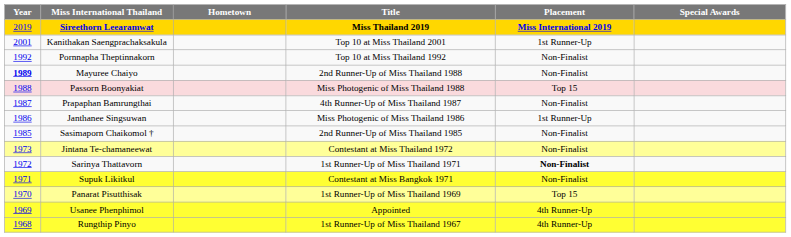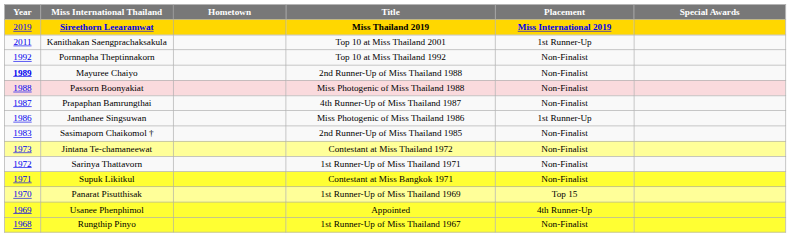 <table class="wikitable sortable" style="font-size: 90%; text-align:center">
 <tr>
 <th width="50" style="background-color:#787878;color:#FFFFFF;">Year</th>
 <th width="200" style="background-color:#787878;color:#FFFFFF;">Miss International Thailand</th>
 <th width="170" style="background-color:#787878;color:#FFFFFF;">Hometown</th>
 <th width="320" style="background-color:#787878;color:#FFFFFF;">Title</th>
 <th width="210" style="background-color:#787878;color:#FFFFFF;">Placement</th>
 <th width="230" style="background-color:#787878;color:#FFFFFF;">Special Awards</th>
 </tr>
 <tr style="background-color:gold; : bold">
 <td><a href='#'>2019</a></td>
 <td><strong><a href='#'>Sireethorn Leearamwat</a></strong></td>
 <td align=left><strong></strong></td>
 <td><strong>Miss Thailand 2019</strong></td>
 <td align="center"><strong><a href='#'>Miss International 2019</a></strong></td>
 <td style="background:;"></td>
 </tr>
 <tr>
-<td><a href='#'>2001</a></td>
+<td><a href='#'>2011</a></td>
 <td>Kanithakan Saengprachaksakula</td>
 <td align=left></td>
 <td>Top 10 at Miss Thailand 2001</td>
 <td align="center">1st Runner-Up</td>
 <td></td>
 </tr>
 <tr>
 <td><a href='#'>1992</a></td>
 <td>Pornnapha Theptinnakorn</td>
 <td align=left></td>
 <td>Top 10 at Miss Thailand 1992</td>
 <td>Non-Finalist</td>
 <td></td>
 </tr>
 <tr>
 <td><strong><a href='#'>1989</a></strong></td>
 <td>Mayuree Chaiyo</td>
 <td align=left></td>
 <td>2nd Runner-Up of Miss Thailand 1988</td>
 <td>Non-Finalist</td>
 <td></td>
 </tr>
 <tr style="background-color:#FADADD;: bold">
 <td><a href='#'>1988</a></td>
 <td>Passorn Boonyakiat</td>
 <td align=left></td>
 <td>Miss Photogenic of Miss Thailand 1988</td>
-<td align="center">Top 15</td>
+<td>Non-Finalist</td>
 <td style="background:;"></td>
 </tr>
 <tr>
 <td><a href='#'>1987</a></td>
 <td>Prapaphan Bamrungthai</td>
 <td align=left></td>
 <td>4th Runner-Up of Miss Thailand 1987</td>
 <td>Non-Finalist</td>
 <td></td>
 </tr>
 <tr>
 <td><a href='#'>1986</a></td>
 <td>Janthanee Singsuwan</td>
 <td align=left></td>
 <td>Miss Photogenic of Miss Thailand 1986</td>
 <td align="center">1st Runner-Up</td>
 <td></td>
 </tr>
 <tr>
-<td><a href='#'>1985</a></td>
+<td><a href='#'>1983</a></td>
 <td>Sasimaporn Chaikomol †</td>
 <td align=left></td>
 <td>2nd Runner-Up of Miss Thailand 1985</td>
 <td>Non-Finalist</td>
 <td></td>
 </tr>
 <tr style="background-color:#FFFF99; : bold">
 <td><a href='#'>1973</a></td>
 <td>Jintana Te-chamaneewat</td>
 <td align=left></td>
 <td>Contestant at Miss Thailand 1972</td>
 <td>Non-Finalist</td>
 <td></td>
 </tr>
 <tr>
 <td><a href='#'>1972</a></td>
 <td>Sarinya Thattavorn</td>
 <td align=left></td>
 <td>1st Runner-Up of Miss Thailand 1971</td>
-<td><strong>Non-Finalist</strong></td>
+<td>Non-Finalist</td>
 <td></td>
 </tr>
 <tr style="background-color:#FFFF33; : bold">
 <td><a href='#'>1971</a></td>
 <td>Supuk Likitkul</td>
 <td align=left></td>
 <td>Contestant at Miss Bangkok 1971</td>
 <td>Non-Finalist</td>
 <td></td>
 </tr>
 <tr style="background-color:#FFFF99; : bold">
 <td><a href='#'>1970</a></td>
 <td>Panarat Pisutthisak</td>
 <td align=left></td>
 <td>1st Runner-Up of Miss Thailand 1969</td>
 <td align="center">Top 15</td>
 <td></td>
 </tr>
 <tr style="background-color:#FFFF33; : bold">
 <td><a href='#'>1969</a></td>
 <td>Usanee Phenphimol</td>
 <td align=left></td>
 <td>Appointed</td>
 <td align="center">4th Runner-Up</td>
 <td></td>
 </tr>
 <tr style="background-color:#FFFF33; : bold">
 <td><a href='#'>1968</a></td>
 <td>Rungthip Pinyo</td>
 <td align=left></td>
 <td>1st Runner-Up of Miss Thailand 1967</td>
-<td align="center">4th Runner-Up</td>
+<td>Non-Finalist</td>
 <td style="background:;"></td>
 </tr>
 </table>
